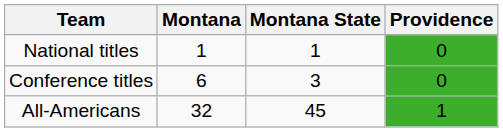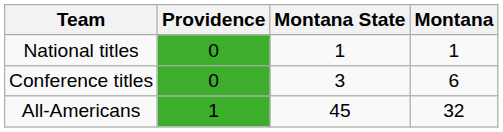 <table class="wikitable" style="text-align:center;">
 <tr>
 <th>Team</th>
+<th>Providence</th>
+<th>Montana State</th>
 <th>Montana</th>
-<th>Montana State</th>
-<th>Providence</th>
 </tr>
 <tr>
 <td>National titles</td>
+<td style="background: #3dae2b">0</td>
 <td>1</td>
 <td>1</td>
-<td style="background: #3dae2b">0</td>
 </tr>
 <tr>
 <td>Conference titles</td>
+<td style="background: #3dae2b">0</td>
+<td>3</td>
 <td>6</td>
-<td>3</td>
-<td style="background: #3dae2b">0</td>
 </tr>
 <tr>
 <td>All-Americans</td>
+<td style="background: #3dae2b">1</td>
+<td>45</td>
 <td>32</td>
-<td>45</td>
-<td style="background: #3dae2b">1</td>
 </tr>
 </table>
